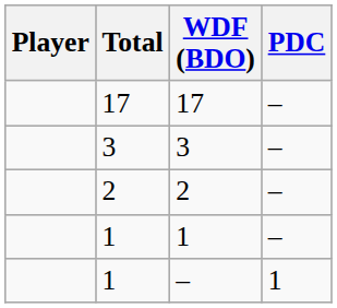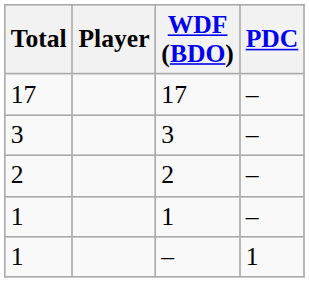 <table class="wikitable sortable">
 <tr>
+<th>Total</th>
 <th>Player</th>
-<th>Total</th>
 <th><a href='#'>WDF</a><br>(<a href='#'>BDO</a>)</th>
 <th><a href='#'>PDC</a></th>
 </tr>
 <tr>
+<td>17</td>
 <td></td>
-<td>17</td>
 <td>17</td>
 <td>–</td>
 </tr>
 <tr>
+<td>3</td>
 <td></td>
-<td>3</td>
 <td>3</td>
 <td>–</td>
 </tr>
 <tr>
+<td>2</td>
 <td></td>
-<td>2</td>
 <td>2</td>
 <td>–</td>
 </tr>
 <tr>
+<td>1</td>
 <td></td>
-<td>1</td>
 <td>1</td>
 <td>–</td>
 </tr>
 <tr>
+<td>1</td>
 <td></td>
-<td>1</td>
 <td>–</td>
 <td>1</td>
 </tr>
 </table>
